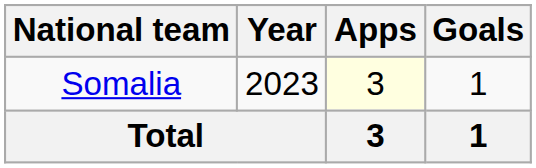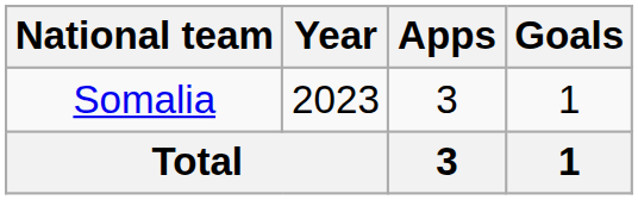 <table class="wikitable" style="text-align:center">
 <tr>
 <th>National team</th>
 <th>Year</th>
 <th>Apps</th>
 <th>Goals</th>
 </tr>
 <tr>
 <td rowspan="1"><a href='#'>Somalia</a></td>
 <td>2023</td>
-<td style="background: lightyellow;">3</td>
+<td>3</td>
 <td>1</td>
 </tr>
 <tr>
 <th colspan="2">Total</th>
 <th>3</th>
 <th>1</th>
 </tr>
 </table>
